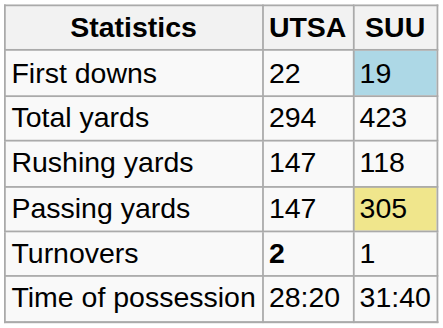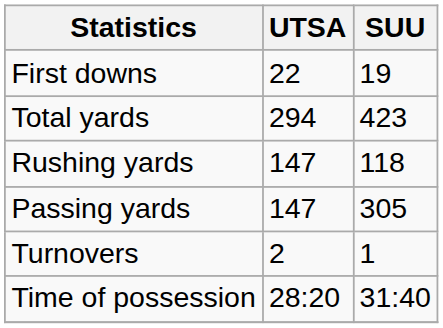 <table class="wikitable" style="float: left;">
 <tr>
 <th>Statistics</th>
 <th>UTSA</th>
 <th>SUU</th>
 </tr>
 <tr>
 <td>First downs</td>
 <td>22</td>
-<td style="background: lightblue;">19</td>
+<td>19</td>
 </tr>
 <tr>
 <td>Total yards</td>
 <td>294</td>
 <td>423</td>
 </tr>
 <tr>
 <td>Rushing yards</td>
 <td>147</td>
 <td>118</td>
 </tr>
 <tr>
 <td>Passing yards</td>
 <td>147</td>
-<td style="background: khaki;">305</td>
+<td>305</td>
 </tr>
 <tr>
 <td>Turnovers</td>
-<td><strong>2</strong></td>
+<td>2</td>
 <td>1</td>
 </tr>
 <tr>
 <td>Time of possession</td>
 <td>28:20</td>
 <td>31:40</td>
 </tr>
 <tr>
 </tr>
 </table>
